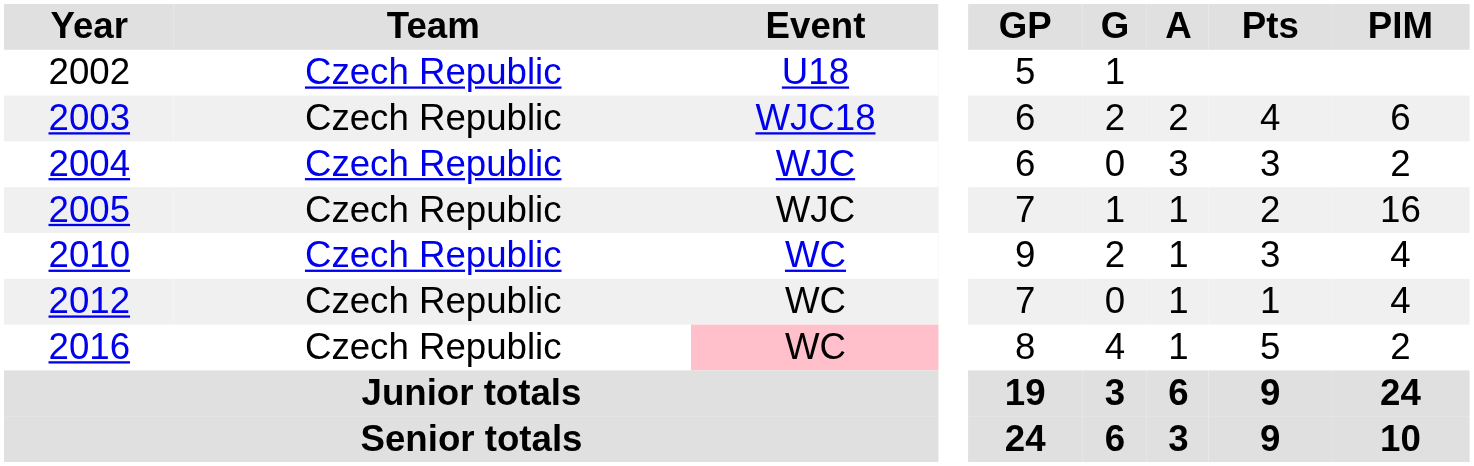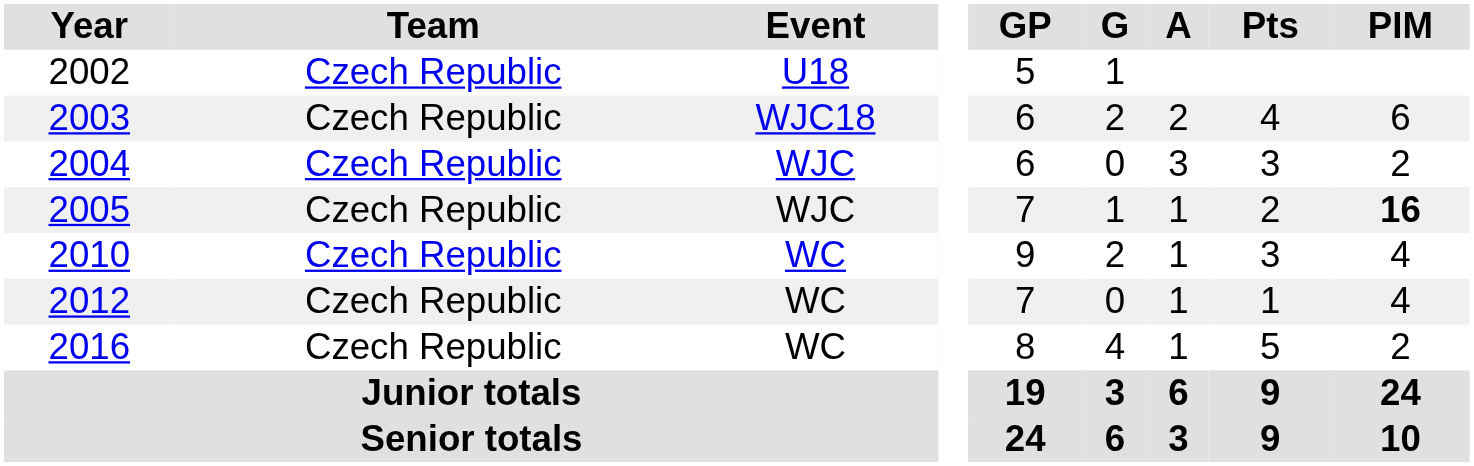 <table border="0" cellpadding="1" cellspacing="0" style="text-align:center; width:40em">
 <tr ALIGN="center" bgcolor="#e0e0e0">
 <th>Year</th>
 <th>Team</th>
 <th>Event</th>
 <th rowspan="99" bgcolor="#ffffff"> </th>
 <th>GP</th>
 <th>G</th>
 <th>A</th>
 <th>Pts</th>
 <th>PIM</th>
 </tr>
 <tr>
 <td>2002</td>
 <td><a href='#'>Czech Republic</a></td>
 <td><a href='#'>U18</a></td>
 <td>5</td>
 <td>1</td>
 <td></td>
 <td></td>
 <td></td>
 </tr>
 <tr bgcolor="#f0f0f0">
 <td><a href='#'>2003</a></td>
 <td>Czech Republic</td>
 <td><a href='#'>WJC18</a></td>
 <td>6</td>
 <td>2</td>
 <td>2</td>
 <td>4</td>
 <td>6</td>
 </tr>
 <tr>
 <td><a href='#'>2004</a></td>
 <td><a href='#'>Czech Republic</a></td>
 <td><a href='#'>WJC</a></td>
 <td>6</td>
 <td>0</td>
 <td>3</td>
 <td>3</td>
 <td>2</td>
 </tr>
 <tr bgcolor="#f0f0f0">
 <td><a href='#'>2005</a></td>
 <td>Czech Republic</td>
 <td>WJC</td>
 <td>7</td>
 <td>1</td>
 <td>1</td>
 <td>2</td>
-<td>16</td>
+<td><strong>16</strong></td>
 </tr>
 <tr>
 <td><a href='#'>2010</a></td>
 <td><a href='#'>Czech Republic</a></td>
 <td><a href='#'>WC</a></td>
 <td>9</td>
 <td>2</td>
 <td>1</td>
 <td>3</td>
 <td>4</td>
 </tr>
 <tr bgcolor="#f0f0f0">
 <td><a href='#'>2012</a></td>
 <td>Czech Republic</td>
 <td>WC</td>
 <td>7</td>
 <td>0</td>
 <td>1</td>
 <td>1</td>
 <td>4</td>
 </tr>
 <tr>
 <td><a href='#'>2016</a></td>
 <td>Czech Republic</td>
-<td style="background: pink;">WC</td>
+<td>WC</td>
 <td>8</td>
 <td>4</td>
 <td>1</td>
 <td>5</td>
 <td>2</td>
 </tr>
 <tr bgcolor="#e0e0e0">
 <th colspan=3>Junior totals</th>
 <th>19</th>
 <th>3</th>
 <th>6</th>
 <th>9</th>
 <th>24</th>
 </tr>
 <tr bgcolor="#e0e0e0">
 <th colspan=3>Senior totals</th>
 <th>24</th>
 <th>6</th>
 <th>3</th>
 <th>9</th>
 <th>10</th>
 </tr>
 </table>
